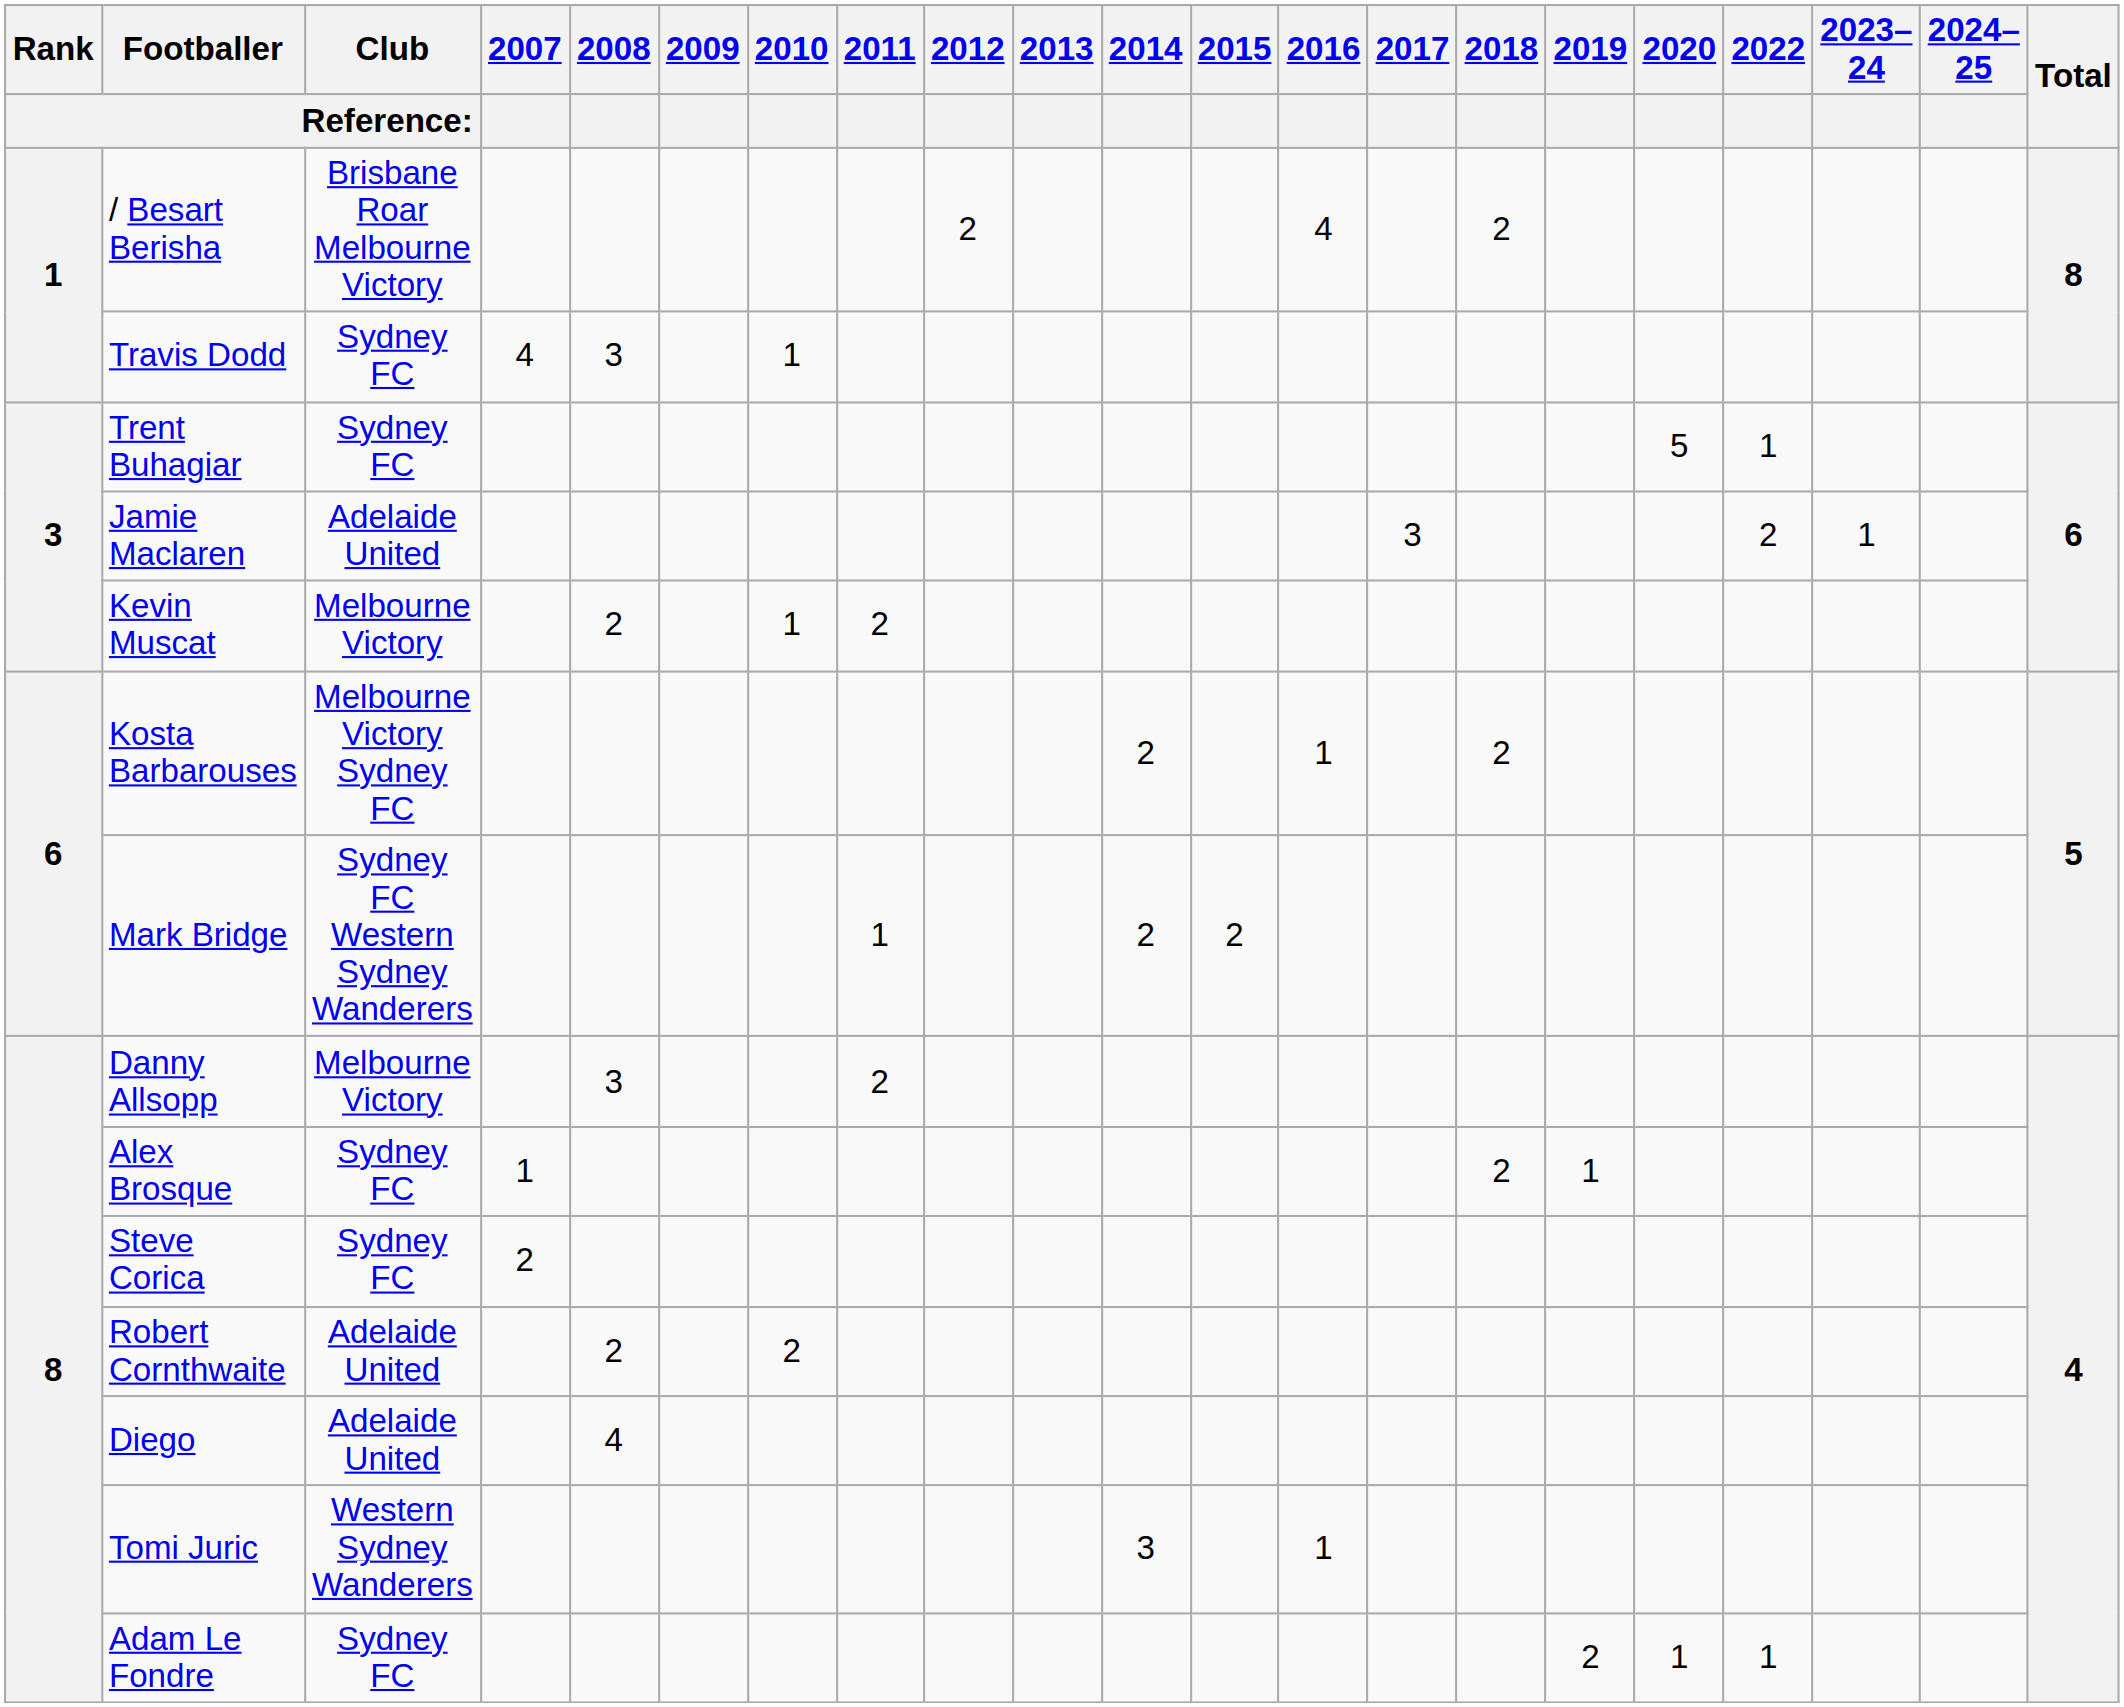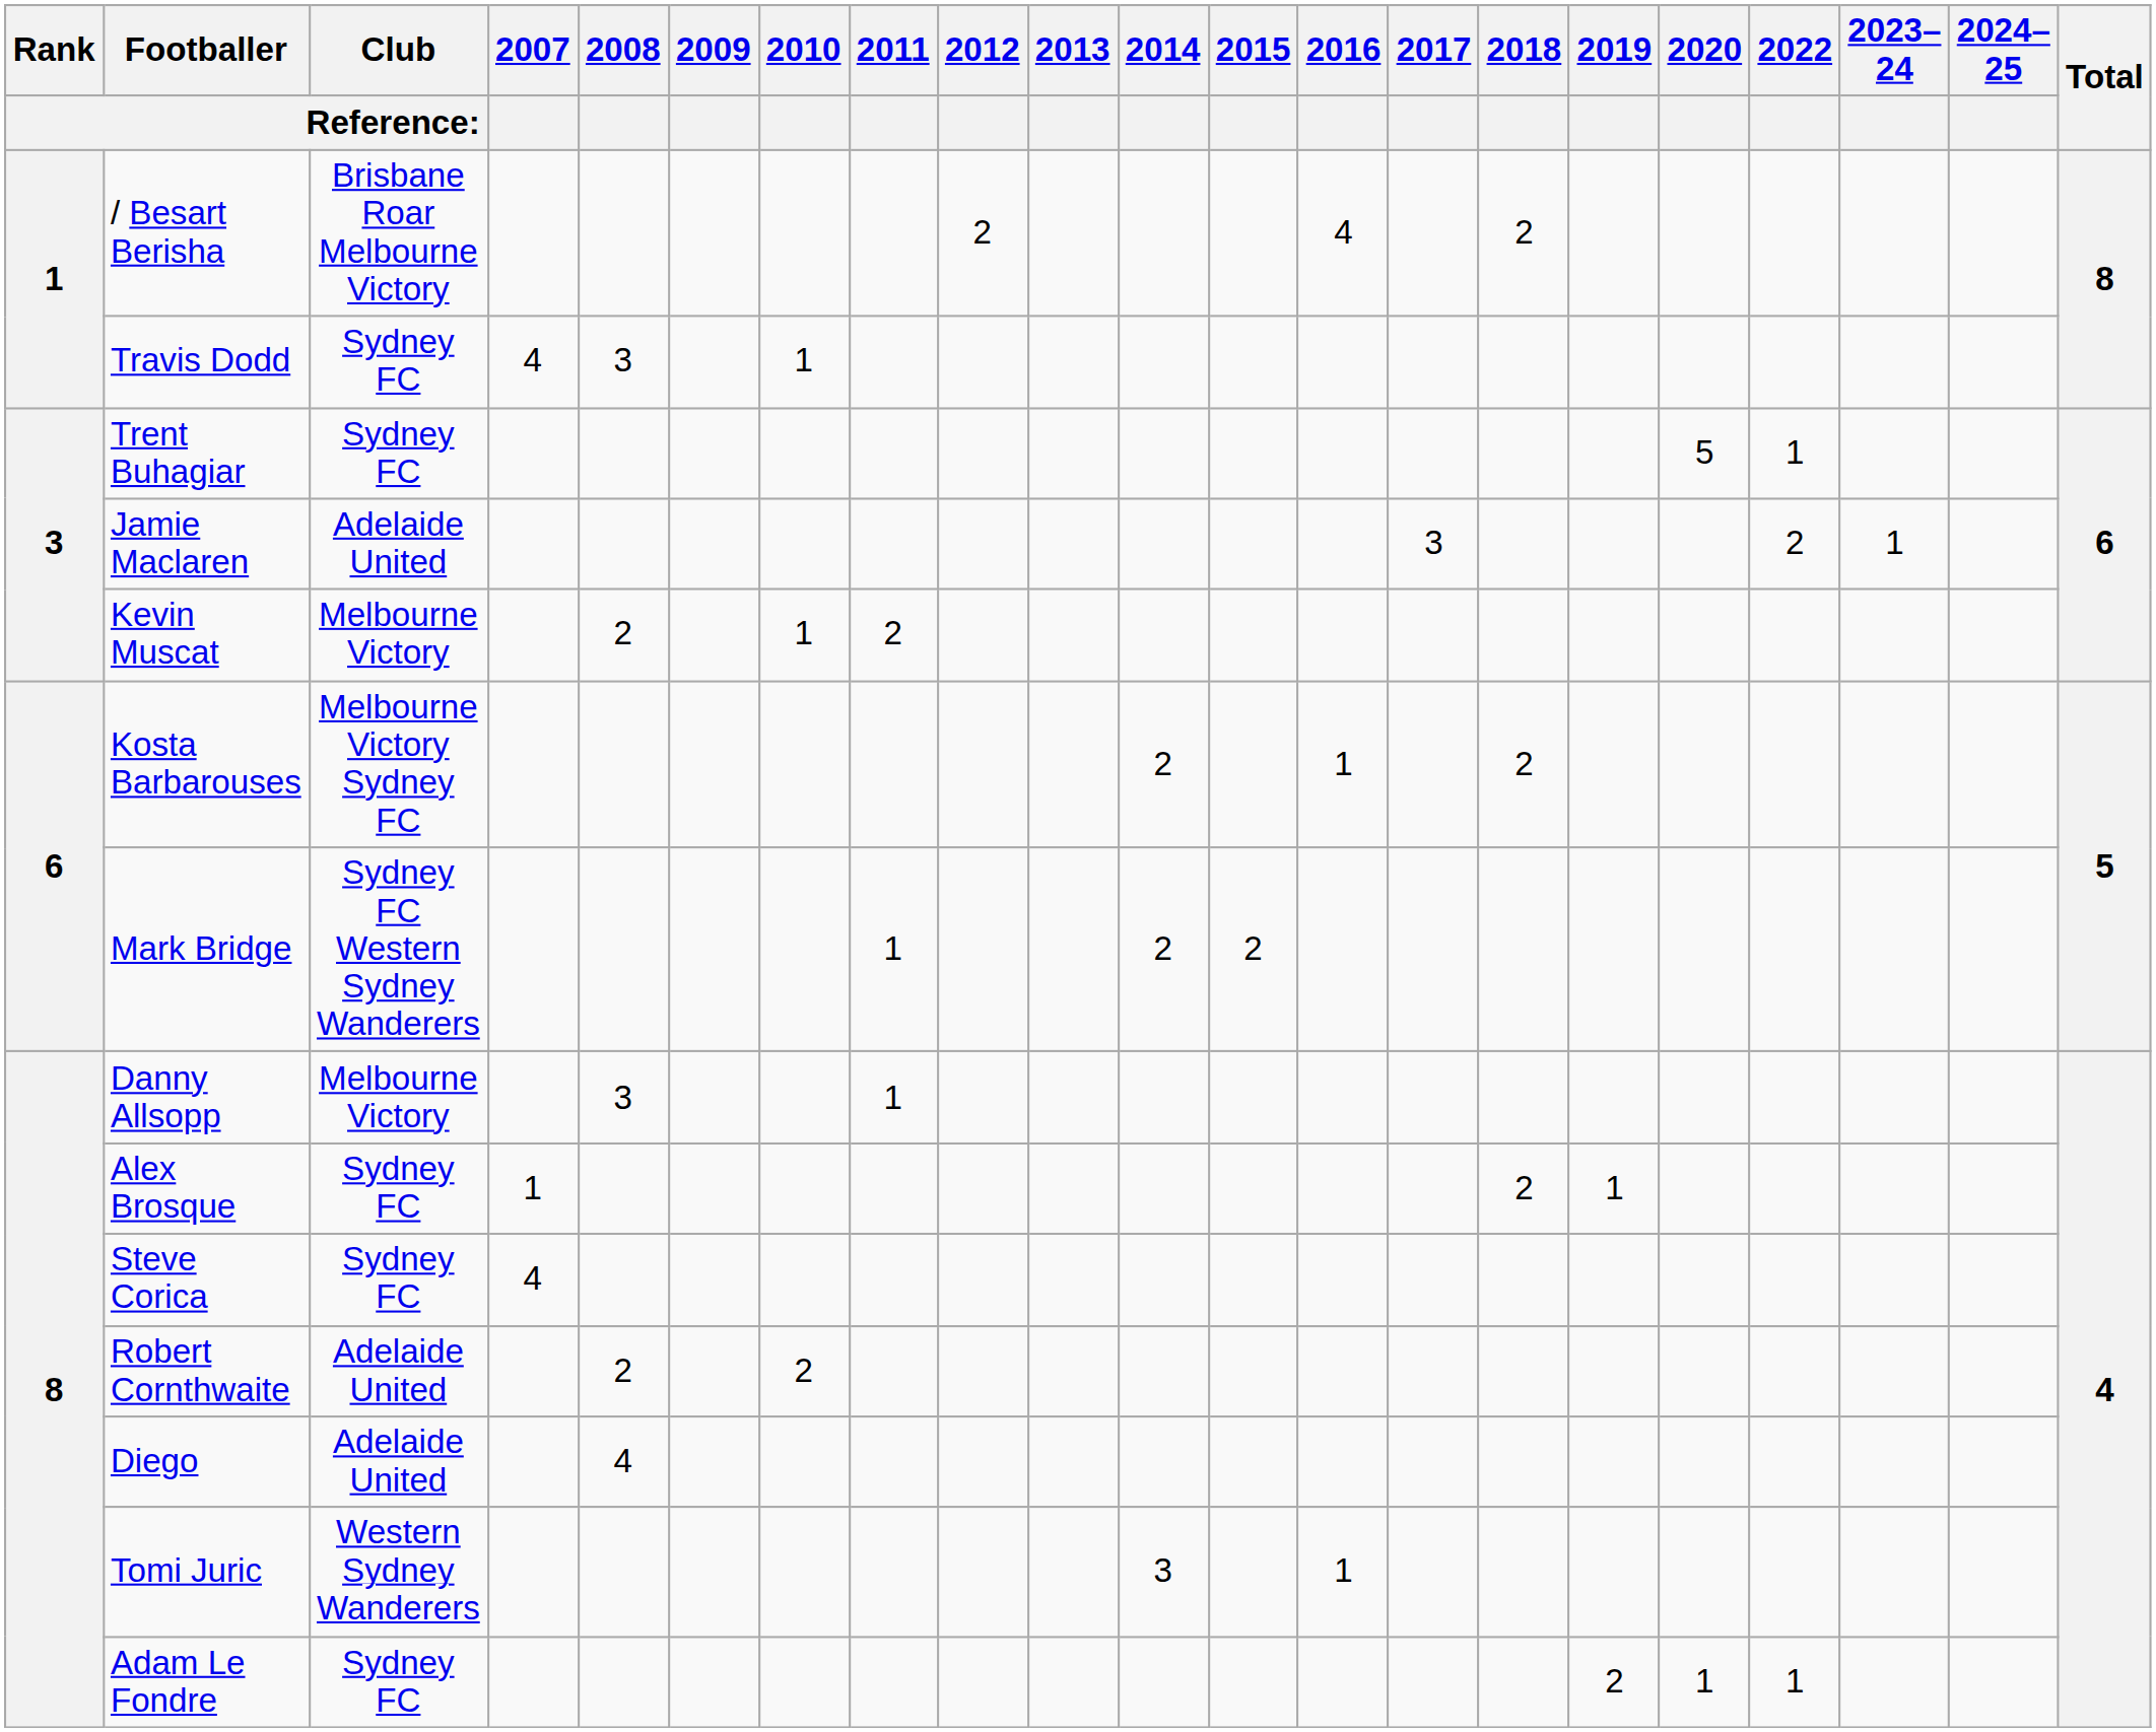 <table class="wikitable" style="text-align: center">
 <tr>
 <th>Rank</th>
 <th>Footballer</th>
 <th>Club</th>
 <th><a href='#'>2007</a></th>
 <th><a href='#'>2008</a></th>
 <th><a href='#'>2009</a></th>
 <th><a href='#'>2010</a></th>
 <th><a href='#'>2011</a></th>
 <th><a href='#'>2012</a></th>
 <th><a href='#'>2013</a></th>
 <th><a href='#'>2014</a></th>
 <th><a href='#'>2015</a></th>
 <th><a href='#'>2016</a></th>
 <th><a href='#'>2017</a></th>
 <th><a href='#'>2018</a></th>
 <th><a href='#'>2019</a></th>
 <th><a href='#'>2020</a></th>
 <th><a href='#'>2022</a></th>
 <th><a href='#'>2023–24</a></th>
 <th><a href='#'>2024–25</a></th>
 <th rowspan="2">Total</th>
 </tr>
 <tr>
 <th colspan=3 style="text-align: right">Reference:</th>
 <th></th>
 <th></th>
 <th></th>
 <th></th>
 <th></th>
 <th></th>
 <th></th>
 <th></th>
 <th></th>
 <th></th>
 <th></th>
 <th></th>
 <th></th>
 <th></th>
 <th></th>
 <th></th>
 <th></th>
 </tr>
 <tr>
 <th rowspan=2>1</th>
 <td align=left>/  <a href='#'>Besart Berisha</a></td>
 <td><a href='#'>Brisbane Roar</a><br><a href='#'>Melbourne Victory</a></td>
 <td></td>
 <td></td>
 <td></td>
 <td></td>
 <td></td>
 <td>2</td>
 <td></td>
 <td></td>
 <td></td>
 <td>4</td>
 <td></td>
 <td>2</td>
 <td></td>
 <td></td>
 <td></td>
 <td></td>
 <td></td>
 <th rowspan="2">8</th>
 </tr>
 <tr>
 <td align=left> <a href='#'>Travis Dodd</a></td>
 <td><a href='#'>Sydney FC</a></td>
 <td>4</td>
 <td>3</td>
 <td></td>
 <td>1</td>
 <td></td>
 <td></td>
 <td></td>
 <td></td>
 <td></td>
 <td></td>
 <td></td>
 <td></td>
 <td></td>
 <td></td>
 <td></td>
 <td></td>
 </tr>
 <tr>
 <th rowspan="3">3</th>
 <td align="left"> <a href='#'>Trent Buhagiar</a></td>
 <td><a href='#'>Sydney FC</a></td>
 <td></td>
 <td></td>
 <td></td>
 <td></td>
 <td></td>
 <td></td>
 <td></td>
 <td></td>
 <td></td>
 <td></td>
 <td></td>
 <td></td>
 <td></td>
 <td>5</td>
 <td>1</td>
 <td></td>
 <td></td>
 <th rowspan="3">6</th>
 </tr>
 <tr>
 <td align="left"> <a href='#'>Jamie Maclaren</a></td>
 <td><a href='#'>Adelaide United</a></td>
 <td></td>
 <td></td>
 <td></td>
 <td></td>
 <td></td>
 <td></td>
 <td></td>
 <td></td>
 <td></td>
 <td></td>
 <td>3</td>
 <td></td>
 <td></td>
 <td></td>
 <td>2</td>
 <td>1</td>
 <td></td>
 </tr>
 <tr>
 <td align=left> <a href='#'>Kevin Muscat</a></td>
 <td><a href='#'>Melbourne Victory</a></td>
 <td></td>
 <td>2</td>
 <td></td>
 <td>1</td>
 <td>2</td>
 <td></td>
 <td></td>
 <td></td>
 <td></td>
 <td></td>
 <td></td>
 <td></td>
 <td></td>
 <td></td>
 <td></td>
 <td></td>
 </tr>
 <tr>
 <th rowspan="2">6</th>
 <td align="left"> <a href='#'>Kosta Barbarouses</a></td>
 <td><a href='#'>Melbourne Victory</a><br><a href='#'>Sydney FC</a></td>
 <td></td>
 <td></td>
 <td></td>
 <td></td>
 <td></td>
 <td></td>
 <td></td>
 <td>2</td>
 <td></td>
 <td>1</td>
 <td></td>
 <td>2</td>
 <td></td>
 <td></td>
 <td></td>
 <td></td>
 <td></td>
 <th rowspan="2">5</th>
 </tr>
 <tr>
 <td align="left"> <a href='#'>Mark Bridge</a></td>
 <td><a href='#'>Sydney FC</a><br><a href='#'>Western Sydney Wanderers</a></td>
 <td></td>
 <td></td>
 <td></td>
 <td></td>
 <td>1</td>
 <td></td>
 <td></td>
 <td>2</td>
 <td>2</td>
 <td></td>
 <td></td>
 <td></td>
 <td></td>
 <td></td>
 <td></td>
 <td></td>
 </tr>
 <tr>
 <th rowspan=7>8</th>
 <td align=left> <a href='#'>Danny Allsopp</a></td>
 <td><a href='#'>Melbourne Victory</a></td>
 <td></td>
 <td>3</td>
 <td></td>
 <td></td>
-<td>2</td>
+<td>1</td>
 <td></td>
 <td></td>
 <td></td>
 <td></td>
 <td></td>
 <td></td>
 <td></td>
 <td></td>
 <td></td>
 <td></td>
 <td></td>
 <td></td>
 <th rowspan="7">4</th>
 </tr>
 <tr>
 <td align=left> <a href='#'>Alex Brosque</a></td>
 <td><a href='#'>Sydney FC</a></td>
 <td>1</td>
 <td></td>
 <td></td>
 <td></td>
 <td></td>
 <td></td>
 <td></td>
 <td></td>
 <td></td>
 <td></td>
 <td></td>
 <td>2</td>
 <td>1</td>
 <td></td>
 <td></td>
 <td></td>
 <td></td>
 </tr>
 <tr>
 <td align=left> <a href='#'>Steve Corica</a></td>
 <td><a href='#'>Sydney FC</a></td>
-<td>2</td>
+<td>4</td>
 <td></td>
 <td></td>
 <td></td>
 <td></td>
 <td></td>
 <td></td>
 <td></td>
 <td></td>
 <td></td>
 <td></td>
 <td></td>
 <td></td>
 <td></td>
 <td></td>
 <td></td>
 </tr>
 <tr>
 <td align=left> <a href='#'>Robert Cornthwaite</a></td>
 <td><a href='#'>Adelaide United</a></td>
 <td></td>
 <td>2</td>
 <td></td>
 <td>2</td>
 <td></td>
 <td></td>
 <td></td>
 <td></td>
 <td></td>
 <td></td>
 <td></td>
 <td></td>
 <td></td>
 <td></td>
 <td></td>
 <td></td>
 <td></td>
 </tr>
 <tr>
 <td align=left> <a href='#'>Diego</a></td>
 <td><a href='#'>Adelaide United</a></td>
 <td></td>
 <td>4</td>
 <td></td>
 <td></td>
 <td></td>
 <td></td>
 <td></td>
 <td></td>
 <td></td>
 <td></td>
 <td></td>
 <td></td>
 <td></td>
 <td></td>
 <td></td>
 <td></td>
 <td></td>
 </tr>
 <tr>
 <td align=left> <a href='#'>Tomi Juric</a></td>
 <td><a href='#'>Western Sydney Wanderers</a></td>
 <td></td>
 <td></td>
 <td></td>
 <td></td>
 <td></td>
 <td></td>
 <td></td>
 <td>3</td>
 <td></td>
 <td>1</td>
 <td></td>
 <td></td>
 <td></td>
 <td></td>
 <td></td>
 <td></td>
 <td></td>
 </tr>
 <tr>
 <td align=left> <a href='#'>Adam Le Fondre</a></td>
 <td><a href='#'>Sydney FC</a></td>
 <td></td>
 <td></td>
 <td></td>
 <td></td>
 <td></td>
 <td></td>
 <td></td>
 <td></td>
 <td></td>
 <td></td>
 <td></td>
 <td></td>
 <td>2</td>
 <td>1</td>
 <td>1</td>
 <td></td>
 <td></td>
 </tr>
 </table>
